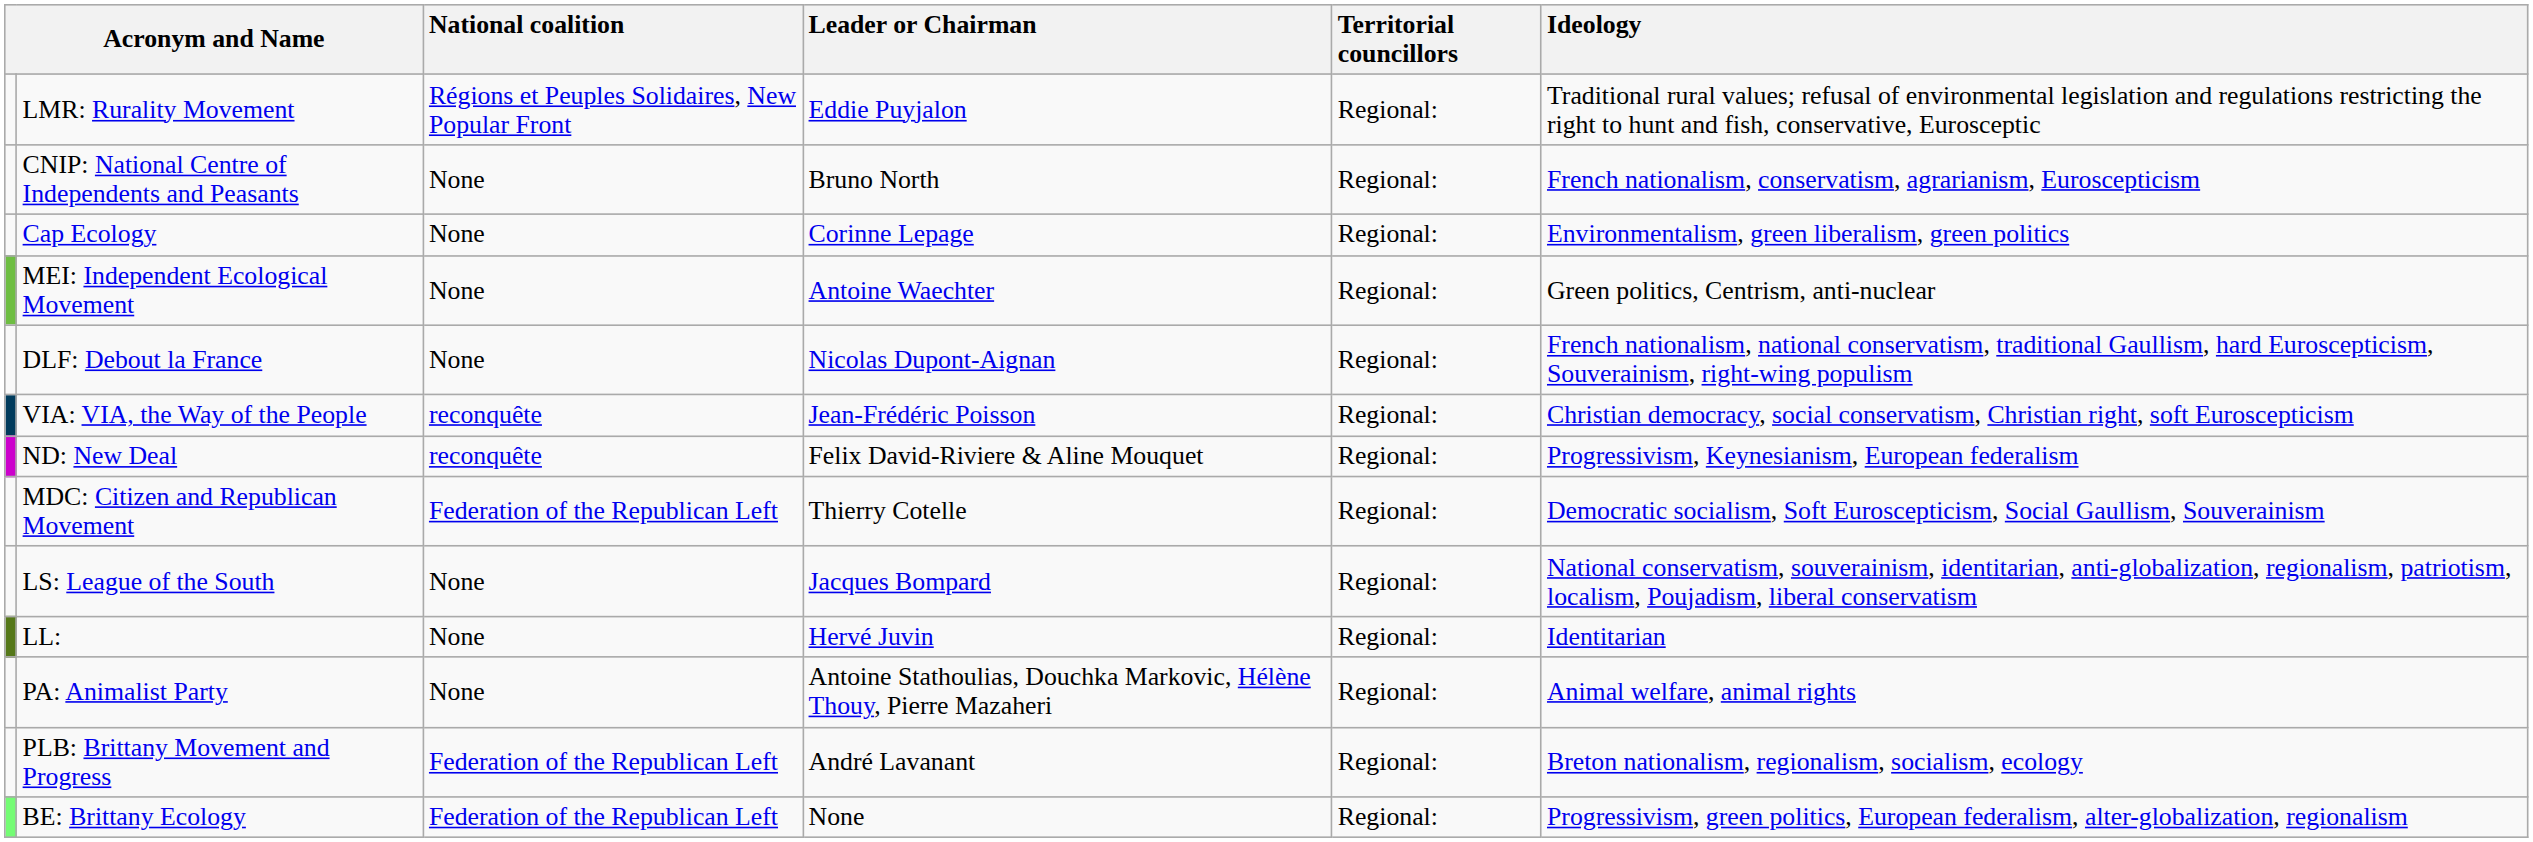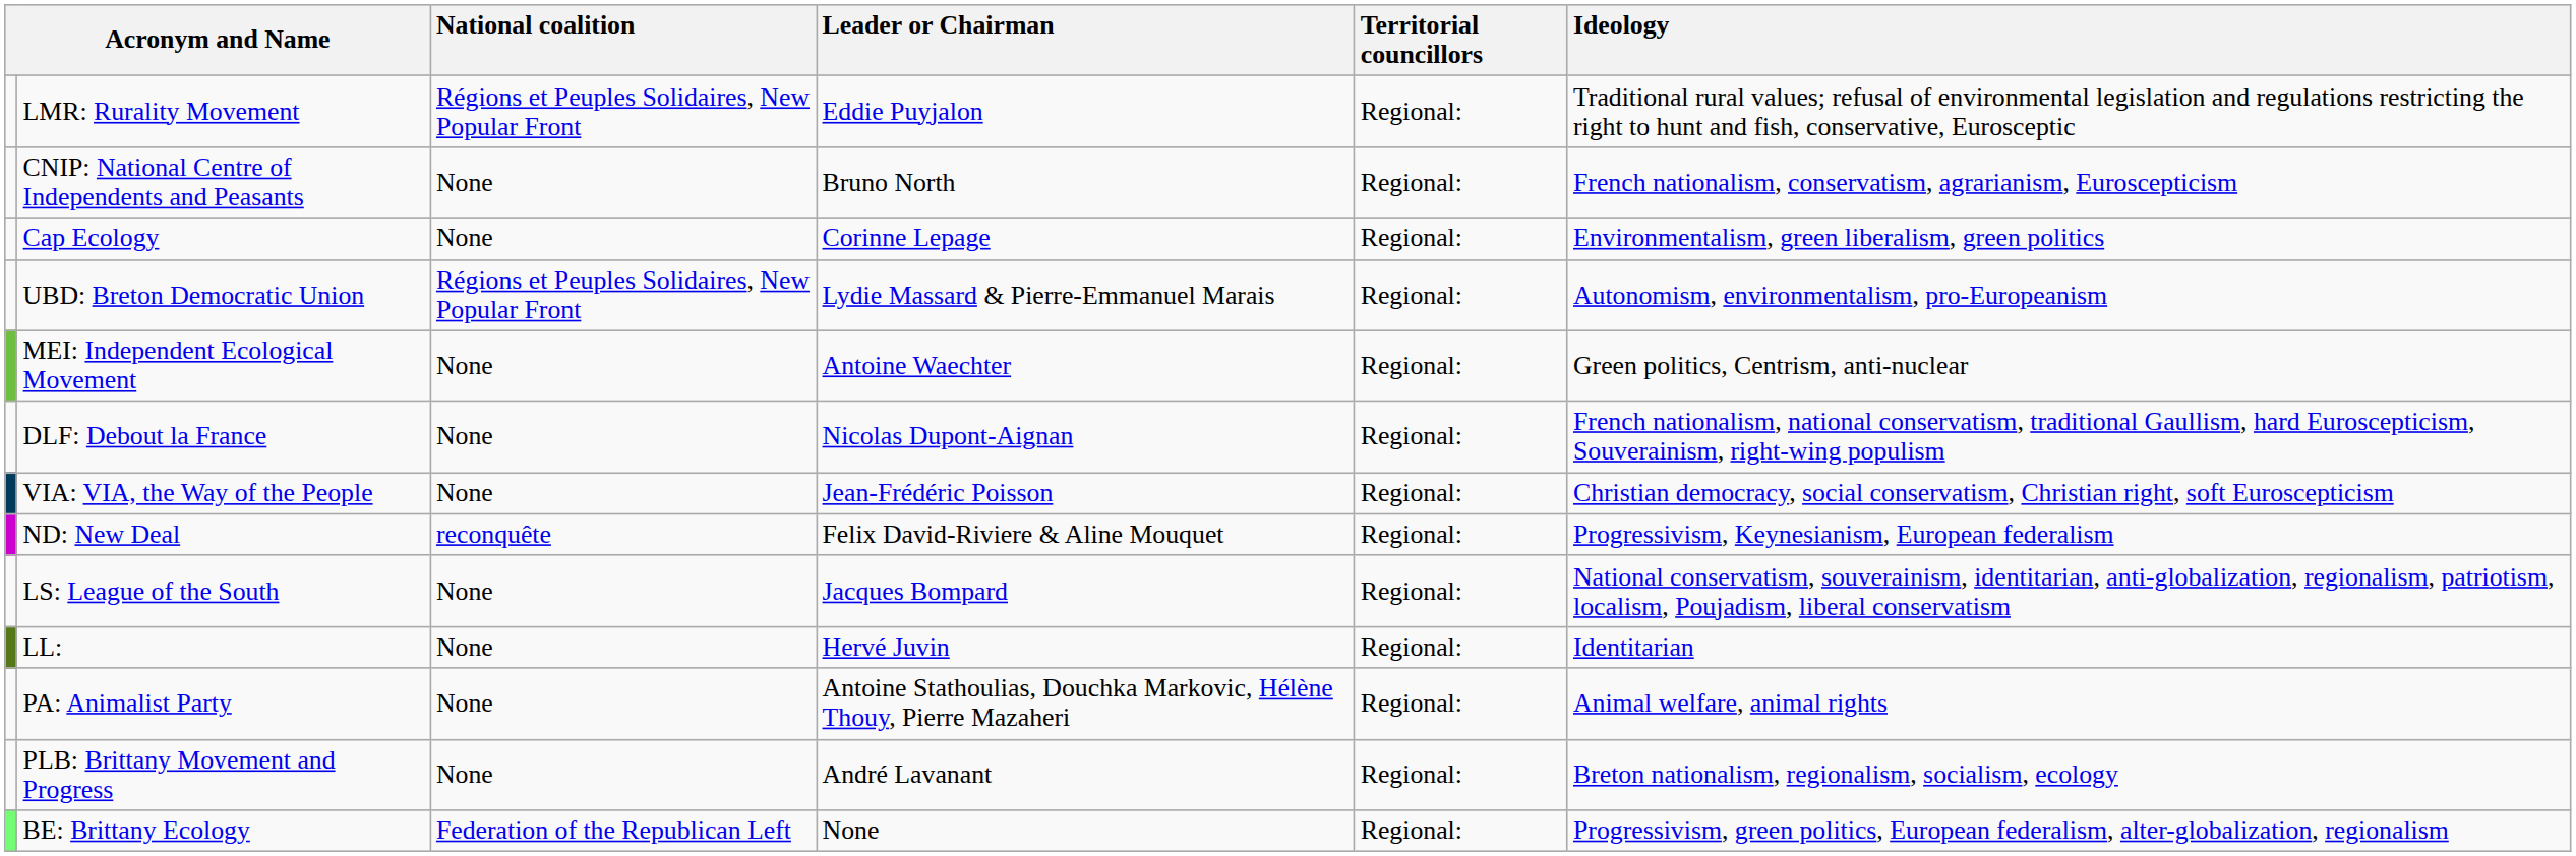 <table class="wikitable">
 <tr>
 <th colspan=2>Acronym and Name</th>
 <th style="text-align:left; vertical-align:top;">National coalition</th>
 <th style="text-align:left; vertical-align:top;">Leader or Chairman</th>
 <th style="text-align:left; vertical-align:top;">Territorial councillors</th>
 <th style="text-align:left; vertical-align:top;">Ideology</th>
 </tr>
 <tr>
 <td style=background:></td>
 <td>LMR: <a href='#'>Rurality Movement</a></td>
 <td><a href='#'>Régions et Peuples Solidaires</a>, <a href='#'>New Popular Front</a></td>
 <td><a href='#'>Eddie Puyjalon</a></td>
 <td>Regional: </td>
 <td>Traditional rural values; refusal of environmental legislation and regulations restricting the right to hunt and fish, conservative, Eurosceptic</td>
 </tr>
 <tr>
 <td style=background:></td>
 <td>CNIP: <a href='#'>National Centre of Independents and Peasants</a></td>
 <td>None</td>
 <td>Bruno North</td>
 <td>Regional: </td>
 <td><a href='#'>French nationalism</a>, <a href='#'>conservatism</a>, <a href='#'>agrarianism</a>, <a href='#'>Euroscepticism</a></td>
 </tr>
 <tr>
 <td style="background:"></td>
 <td><a href='#'>Cap Ecology</a></td>
 <td>None</td>
 <td><a href='#'>Corinne Lepage</a></td>
 <td>Regional: </td>
 <td><a href='#'>Environmentalism</a>, <a href='#'>green liberalism</a>, <a href='#'>green politics</a></td>
 </tr>
 <tr>
+<td style="background:"></td>
+<td>UBD: <a href='#'>Breton Democratic Union</a></td>
+<td><a href='#'>Régions et Peuples Solidaires</a>, <a href='#'>New Popular Front</a></td>
+<td><a href='#'>Lydie Massard</a> & Pierre-Emmanuel Marais</td>
+<td>Regional: </td>
+<td><a href='#'>Autonomism</a>, <a href='#'>environmentalism</a>, <a href='#'>pro-Europeanism</a></td>
+</tr>
+<tr>
 <td style=background:#6EBE42></td>
 <td>MEI: <a href='#'>Independent Ecological Movement</a></td>
 <td>None</td>
 <td><a href='#'>Antoine Waechter</a></td>
 <td>Regional: </td>
 <td>Green politics, Centrism, anti-nuclear</td>
 </tr>
 <tr>
 <td style="background:"></td>
 <td>DLF: <a href='#'>Debout la France</a></td>
 <td>None</td>
 <td><a href='#'>Nicolas Dupont-Aignan</a></td>
 <td>Regional: </td>
 <td><a href='#'>French nationalism</a>, <a href='#'>national conservatism</a>, <a href='#'>traditional Gaullism</a>, <a href='#'>hard Euroscepticism</a>, <a href='#'>Souverainism</a>, <a href='#'>right-wing populism</a></td>
 </tr>
 <tr>
 <td style=background:#003b5c></td>
 <td>VIA: <a href='#'>VIA, the Way of the People</a></td>
-<td><a href='#'>reconquête</a></td>
+<td>None</td>
 <td><a href='#'>Jean-Frédéric Poisson</a></td>
 <td>Regional: </td>
 <td><a href='#'>Christian democracy</a>, <a href='#'>social conservatism</a>, <a href='#'>Christian right</a>, <a href='#'>soft Euroscepticism</a></td>
 </tr>
 <tr>
 <td style=background:#c0c></td>
 <td>ND: <a href='#'>New Deal</a></td>
 <td><a href='#'>reconquête</a></td>
 <td>Felix David-Riviere & Aline Mouquet</td>
 <td>Regional: </td>
 <td><a href='#'>Progressivism</a>, <a href='#'>Keynesianism</a>, <a href='#'>European federalism</a></td>
-</tr>
-<tr>
-<td style="background:"></td>
-<td>MDC: <a href='#'>Citizen and Republican Movement</a></td>
-<td><a href='#'>Federation of the Republican Left</a></td>
-<td>Thierry Cotelle</td>
-<td>Regional: </td>
-<td><a href='#'>Democratic socialism</a>, <a href='#'>Soft Euroscepticism</a>, <a href='#'>Social Gaullism</a>, <a href='#'>Souverainism</a></td>
 </tr>
 <tr>
 <td style="background:"></td>
 <td>LS: <a href='#'>League of the South</a></td>
 <td>None</td>
 <td><a href='#'>Jacques Bompard</a></td>
 <td>Regional: </td>
 <td><a href='#'>National conservatism</a>, <a href='#'>souverainism</a>, <a href='#'>identitarian</a>, <a href='#'>anti-globalization</a>, <a href='#'>regionalism</a>, <a href='#'>patriotism</a>, <a href='#'>localism</a>, <a href='#'>Poujadism</a>, <a href='#'>liberal conservatism</a></td>
 </tr>
 <tr>
 <td style="background:#557819;"></td>
 <td>LL: </td>
 <td>None</td>
 <td><a href='#'>Hervé Juvin</a></td>
 <td>Regional: </td>
 <td><a href='#'>Identitarian</a></td>
 </tr>
 <tr>
 <td style=background:></td>
 <td>PA: <a href='#'>Animalist Party</a></td>
 <td>None</td>
 <td>Antoine Stathoulias, Douchka Markovic, <a href='#'>Hélène Thouy</a>, Pierre Mazaheri</td>
 <td>Regional: </td>
 <td><a href='#'>Animal welfare</a>, <a href='#'>animal rights</a></td>
 </tr>
 <tr>
 <td style=background:></td>
 <td>PLB: <a href='#'>Brittany Movement and Progress</a></td>
-<td><a href='#'>Federation of the Republican Left</a></td>
+<td>None</td>
 <td>André Lavanant</td>
 <td>Regional:  </td>
 <td><a href='#'>Breton nationalism</a>, <a href='#'>regionalism</a>, <a href='#'>socialism</a>, <a href='#'>ecology</a></td>
 </tr>
 <tr>
 <td style=background:#74FC74></td>
 <td>BE: <a href='#'>Brittany Ecology</a></td>
 <td><a href='#'>Federation of the Republican Left</a></td>
 <td>None</td>
 <td>Regional: </td>
 <td><a href='#'>Progressivism</a>, <a href='#'>green politics</a>, <a href='#'>European federalism</a>, <a href='#'>alter-globalization</a>, <a href='#'>regionalism</a></td>
 </tr>
 </table>
